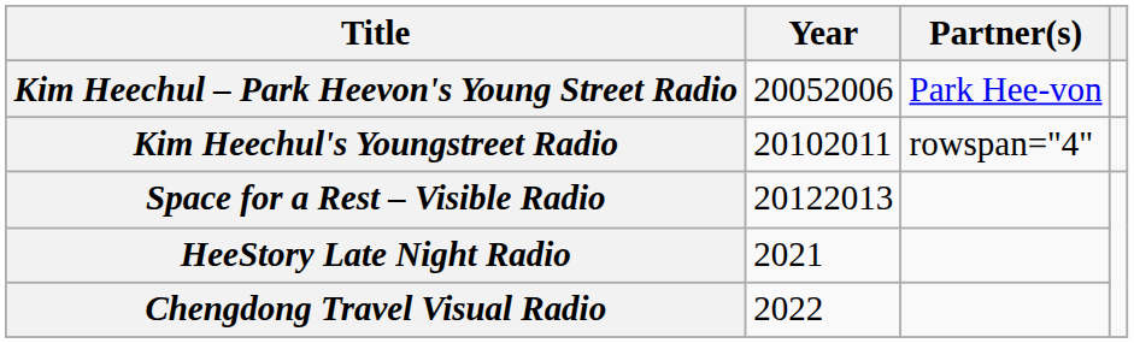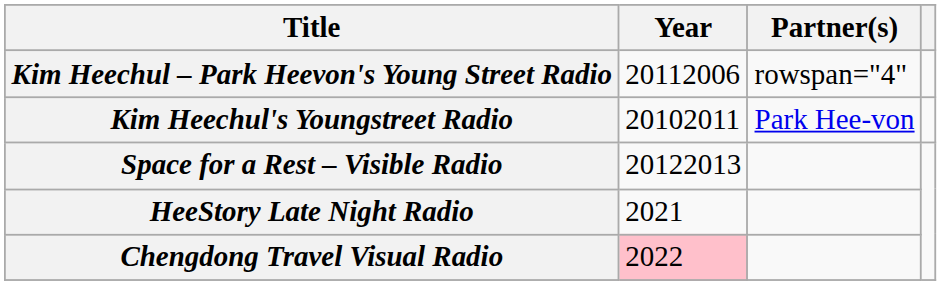 <table class="wikitable plainrowheaders sortable">
 <tr>
 <th scope="col">Title</th>
 <th scope="col">Year</th>
 <th scope="col" class="unsortable">Partner(s)</th>
 <th scope="col" class="unsortable"></th>
 </tr>
 <tr>
 <th scope=row><em>Kim Heechul – Park Heevon's Young Street Radio</em></th>
-<td>20052006</td>
-<td><a href='#'>Park Hee-von</a></td>
+<td>20112006</td>
+<td>rowspan="4" </td>
 <td style="text-align:center;"></td>
 </tr>
 <tr>
 <th scope=row><em>Kim Heechul's Youngstreet Radio</em></th>
 <td>20102011</td>
-<td>rowspan="4" </td>
+<td><a href='#'>Park Hee-von</a></td>
 <td style="text-align:center;"></td>
 </tr>
 <tr>
 <th scope=row><em>Space for a Rest – Visible Radio</em></th>
 <td>20122013</td>
 <td style="text-align:center;"></td>
 </tr>
 <tr>
 <th scope=row><em>HeeStory Late Night Radio</em></th>
 <td>2021</td>
 <td style="text-align:center;"></td>
 </tr>
 <tr>
 <th scope=row><em>Chengdong Travel Visual Radio</em></th>
-<td>2022</td>
+<td style="background: pink;">2022</td>
 <td style="text-align:center;"></td>
 </tr>
 </table>
